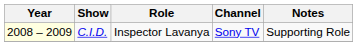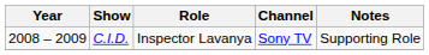 <table class="wikitable sortable">
 <tr>
 <th>Year</th>
 <th>Show</th>
 <th>Role</th>
 <th>Channel</th>
 <th>Notes</th>
 </tr>
 <tr>
-<td style="background: lightyellow;">2008 – 2009</td>
+<td>2008 – 2009</td>
 <td><em><a href='#'>C.I.D.</a></em></td>
 <td>Inspector Lavanya</td>
 <td><a href='#'>Sony TV</a></td>
 <td>Supporting Role</td>
 </tr>
 <tr>
 </tr>
 </table>
